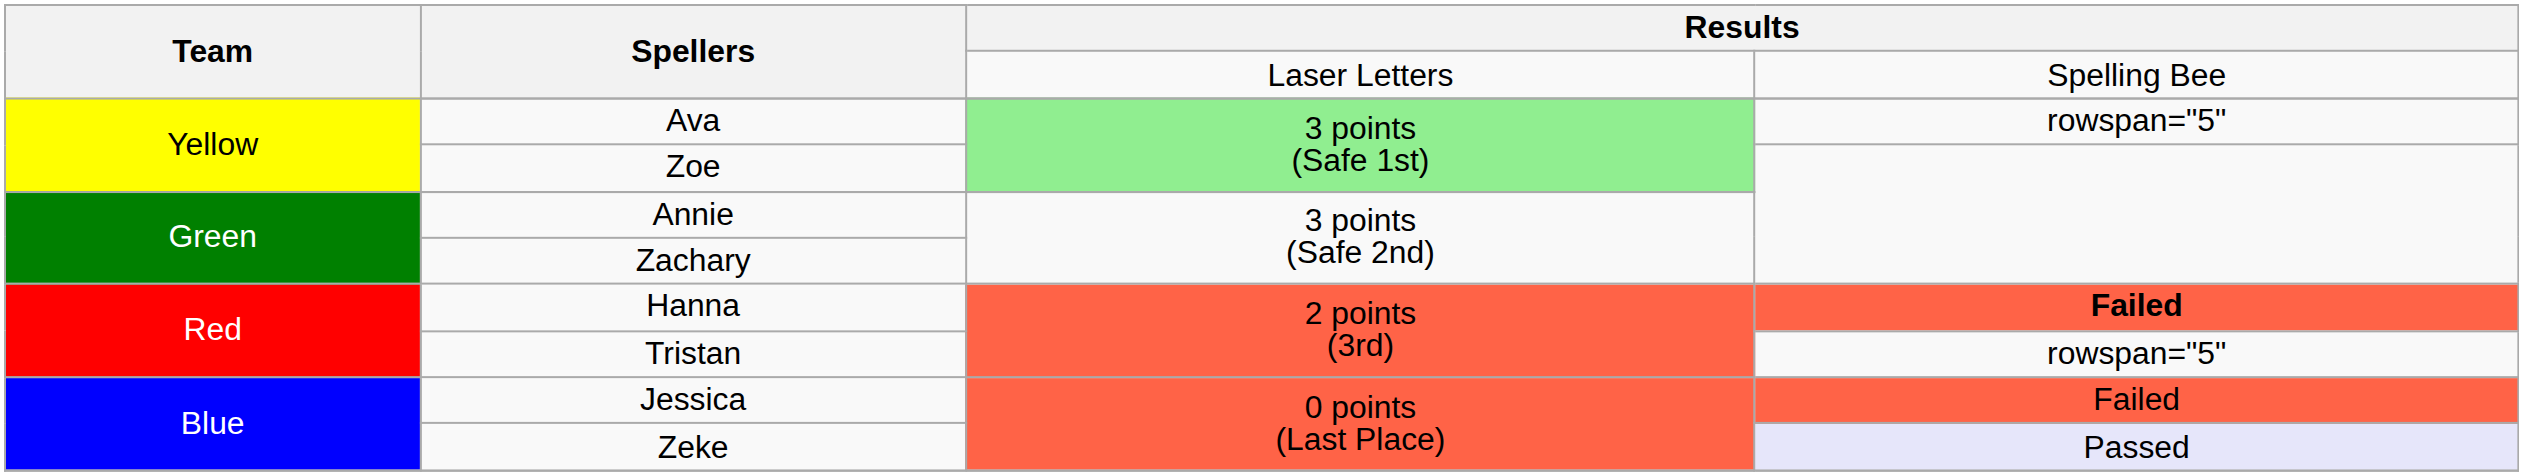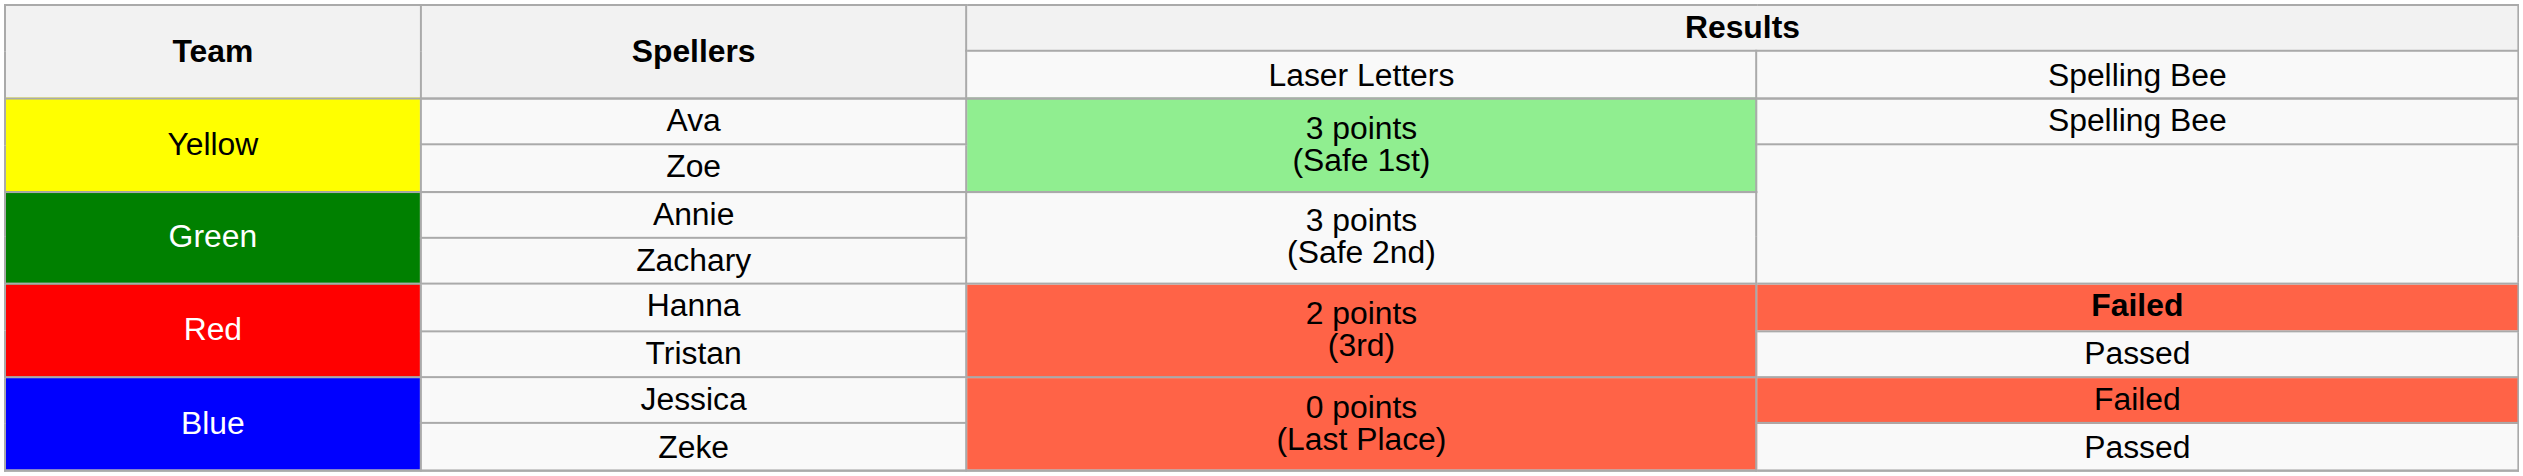 <table class="wikitable plainrowheaders" style="text-align:center; line-height:16px; width:100%;">
 <tr>
 <th rowspan="2">Team</th>
 <th rowspan="2">Spellers</th>
 <th colspan="2">Results</th>
 </tr>
 <tr>
 <td>Laser Letters</td>
 <td>Spelling Bee</td>
 </tr>
 <tr>
 <td rowspan="3" style="background: yellow; color: black;">Yellow</td>
 </tr>
 <tr>
 <td>Ava </td>
 <td rowspan="2" style="background: lightgreen; color: black;">3 points<br>(Safe 1st)</td>
-<td>rowspan="5" </td>
+<td>Spelling Bee</td>
 </tr>
 <tr>
 <td>Zoe</td>
 </tr>
 <tr>
 <td rowspan="3" style="background: green; color: white;">Green</td>
 </tr>
 <tr>
 <td>Annie </td>
 <td rowspan="2">3 points<br>(Safe 2nd)</td>
 </tr>
 <tr>
 <td>Zachary </td>
 </tr>
 <tr>
 <td rowspan="2" style="background: red; color: white;">Red</td>
 <td>Hanna</td>
 <td rowspan="2" style="background: tomato; color: black;">2 points<br>(3rd)</td>
 <td style="background: tomato; color: black;"><strong>Failed</strong></td>
 </tr>
 <tr>
 <td>Tristan </td>
-<td>rowspan="5" </td>
+<td>Passed</td>
 </tr>
 <tr>
 <td rowspan="2" style="background: blue; color: white;">Blue</td>
 <td>Jessica</td>
 <td rowspan="2" style="background: tomato; color: black;">0 points<br>(Last Place)</td>
 <td style="background: tomato; color: black;">Failed</td>
 </tr>
 <tr>
 <td>Zeke </td>
-<td style="background: lavender;">Passed</td>
+<td>Passed</td>
 </tr>
 <tr>
 </tr>
 </table>
